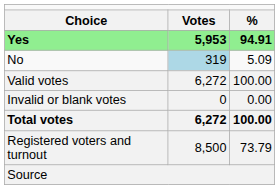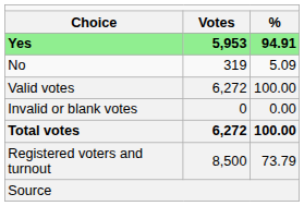 <table class="wikitable" style="text-align:right;">
 <tr>
 <td colspan="6" align="center"></td>
 </tr>
 <tr>
 <th style="width:200px;">Choice</th>
 <th style="width:70px;">Votes</th>
 <th style="width:50px;">%</th>
 </tr>
 <tr style="background:lightgreen;">
 <td align="left"> <strong>Yes</strong></td>
 <td><strong>5,953</strong></td>
 <td><strong>94.91</strong></td>
 </tr>
 <tr>
 <td align="left">No</td>
-<td style="background: lightblue;">319</td>
+<td>319</td>
 <td>5.09</td>
 </tr>
 <tr style="background-color:#F2F2F2">
 <td align="left">Valid votes</td>
 <td>6,272</td>
 <td>100.00</td>
 </tr>
 <tr style="background-color:#F2F2F2">
 <td align="left">Invalid or blank votes</td>
 <td>0</td>
 <td>0.00</td>
 </tr>
 <tr style="background-color:#F2F2F2">
 <td align="left"><strong>Total votes</strong></td>
 <td><strong>6,272</strong></td>
 <td><strong>100.00</strong></td>
 </tr>
 <tr style="background-color:#F2F2F2">
 <td align="left">Registered voters and turnout</td>
 <td>8,500</td>
 <td>73.79</td>
 </tr>
 <tr style="background-color:#F2F2F2">
 <td colspan="3" align="left">Source</td>
 </tr>
 </table>
